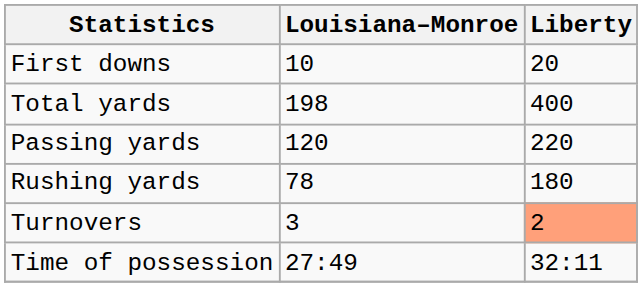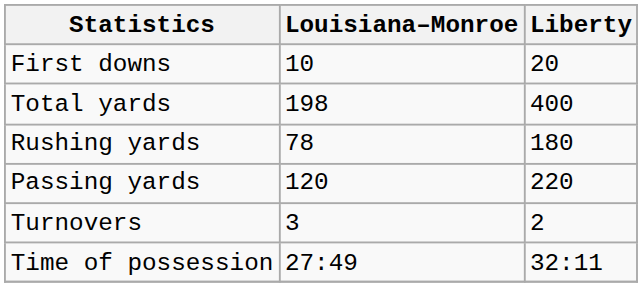 <table class="wikitable">
 <tr>
 <th>Statistics</th>
 <th>Louisiana–Monroe</th>
 <th>Liberty</th>
 </tr>
 <tr>
 <td>First downs</td>
 <td>10</td>
 <td>20</td>
 </tr>
 <tr>
 <td>Total yards</td>
 <td>198</td>
 <td>400</td>
 </tr>
 <tr>
+<td>Rushing yards</td>
+<td>78</td>
+<td>180</td>
+</tr>
+<tr>
 <td>Passing yards</td>
 <td>120</td>
 <td>220</td>
 </tr>
 <tr>
-<td>Rushing yards</td>
-<td>78</td>
-<td>180</td>
-</tr>
-<tr>
 <td>Turnovers</td>
 <td>3</td>
-<td style="background: lightsalmon;">2</td>
+<td>2</td>
 </tr>
 <tr>
 <td>Time of possession</td>
 <td>27:49</td>
 <td>32:11</td>
 </tr>
 <tr>
 </tr>
 </table>
